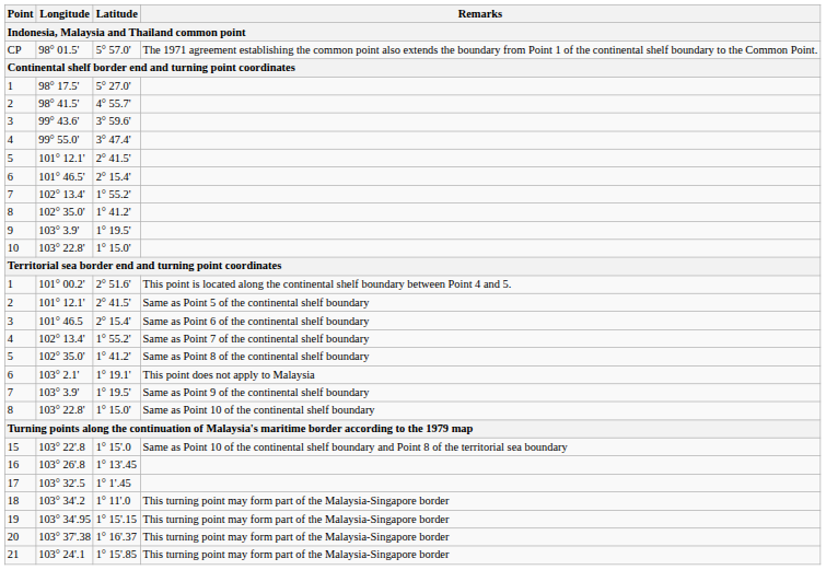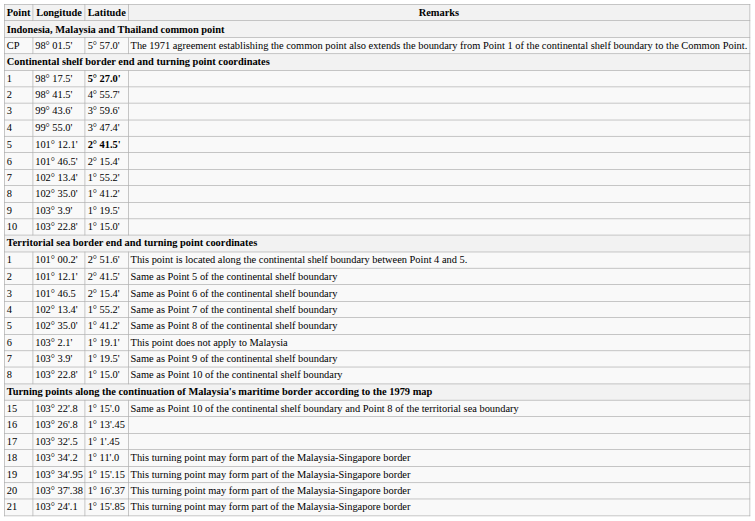 <table class="wikitable">
 <tr>
 <th>Point</th>
 <th>Longitude</th>
 <th>Latitude</th>
 <th>Remarks</th>
 </tr>
 <tr>
 <th colspan="5" style="text-align:left">Indonesia, Malaysia and Thailand common point</th>
 </tr>
 <tr>
 <td>CP</td>
 <td>98° 01.5'</td>
 <td>5° 57.0'</td>
 <td>The 1971 agreement establishing the common point also extends the boundary from Point 1 of the continental shelf boundary to the Common Point.</td>
 </tr>
 <tr>
 <th colspan="5" style="text-align:left">Continental shelf border end and turning point coordinates</th>
 </tr>
 <tr>
 <td>1</td>
 <td>98° 17.5'</td>
-<td>5° 27.0'</td>
+<td><strong>5° 27.0'</strong></td>
 <td></td>
 </tr>
 <tr>
 <td>2</td>
 <td>98° 41.5'</td>
 <td>4° 55.7'</td>
 <td></td>
 </tr>
 <tr>
 <td>3</td>
 <td>99° 43.6'</td>
 <td>3° 59.6'</td>
 <td></td>
 </tr>
 <tr>
 <td>4</td>
 <td>99° 55.0'</td>
 <td>3° 47.4'</td>
 <td></td>
 </tr>
 <tr>
 <td>5</td>
 <td>101° 12.1'</td>
-<td>2° 41.5'</td>
+<td><strong>2° 41.5'</strong></td>
 <td></td>
 </tr>
 <tr>
 <td>6</td>
 <td>101° 46.5'</td>
 <td>2° 15.4'</td>
 <td></td>
 </tr>
 <tr>
 <td>7</td>
 <td>102° 13.4'</td>
 <td>1° 55.2'</td>
 <td></td>
 </tr>
 <tr>
 <td>8</td>
 <td>102° 35.0'</td>
 <td>1° 41.2'</td>
 <td></td>
 </tr>
 <tr>
 <td>9</td>
 <td>103° 3.9'</td>
 <td>1° 19.5'</td>
 <td></td>
 </tr>
 <tr>
 <td>10</td>
 <td>103° 22.8'</td>
 <td>1° 15.0'</td>
 <td></td>
 </tr>
 <tr>
 <th colspan="5" style="text-align:left">Territorial sea border end and turning point coordinates</th>
 </tr>
 <tr>
 <td>1</td>
 <td>101° 00.2'</td>
 <td>2° 51.6'</td>
 <td>This point is located along the continental shelf boundary between Point 4 and 5.</td>
 </tr>
 <tr>
 <td>2</td>
 <td>101° 12.1'</td>
 <td>2° 41.5'</td>
 <td>Same as Point 5 of the continental shelf boundary</td>
 </tr>
 <tr>
 <td>3</td>
 <td>101° 46.5</td>
 <td>2° 15.4'</td>
 <td>Same as Point 6 of the continental shelf boundary</td>
 </tr>
 <tr>
 <td>4</td>
 <td>102° 13.4'</td>
 <td>1° 55.2'</td>
 <td>Same as Point 7 of the continental shelf boundary</td>
 </tr>
 <tr>
 <td>5</td>
 <td>102° 35.0'</td>
 <td>1° 41.2'</td>
 <td>Same as Point 8 of the continental shelf boundary</td>
 </tr>
 <tr>
 <td>6</td>
 <td>103° 2.1'</td>
 <td>1° 19.1'</td>
 <td>This point does not apply to Malaysia</td>
 </tr>
 <tr>
 <td>7</td>
 <td>103° 3.9'</td>
 <td>1° 19.5'</td>
 <td>Same as Point 9 of the continental shelf boundary</td>
 </tr>
 <tr>
 <td>8</td>
 <td>103° 22.8'</td>
 <td>1° 15.0'</td>
 <td>Same as Point 10 of the continental shelf boundary</td>
 </tr>
 <tr>
 <th colspan="5" style="text-align:left">Turning points along the continuation of Malaysia's maritime border according to the 1979 map</th>
 </tr>
 <tr>
 <td>15</td>
 <td>103° 22'.8</td>
 <td>1° 15'.0</td>
 <td>Same as Point 10 of the continental shelf boundary and Point 8 of the territorial sea boundary</td>
 </tr>
 <tr>
 <td>16</td>
 <td>103° 26'.8</td>
 <td>1° 13'.45</td>
 <td></td>
 </tr>
 <tr>
 <td>17</td>
 <td>103° 32'.5</td>
 <td>1° 1'.45</td>
 <td></td>
 </tr>
 <tr>
 <td>18</td>
 <td>103° 34'.2</td>
 <td>1° 11'.0</td>
 <td>This turning point may form part of the Malaysia-Singapore border</td>
 </tr>
 <tr>
 <td>19</td>
 <td>103° 34'.95</td>
 <td>1° 15'.15</td>
 <td>This turning point may form part of the Malaysia-Singapore border</td>
 </tr>
 <tr>
 <td>20</td>
 <td>103° 37'.38</td>
 <td>1° 16'.37</td>
 <td>This turning point may form part of the Malaysia-Singapore border</td>
 </tr>
 <tr>
 <td>21</td>
 <td>103° 24'.1</td>
 <td>1° 15'.85</td>
 <td>This turning point may form part of the Malaysia-Singapore border</td>
 </tr>
 </table>
